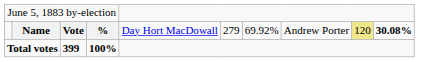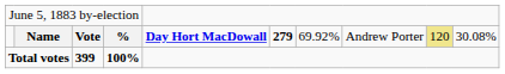 <table class="wikitable" align=left>
 <tr>
 <td colspan="4" align=center>June 5, 1883 by-election</td>
 </tr>
 <tr>
 <td></td>
 <th>Name</th>
 <th>Vote</th>
 <th>%<br></th>
-<td><a href='#'>Day Hort MacDowall</a></td>
-<td>279</td>
+<td><strong><a href='#'>Day Hort MacDowall</a></strong></td>
+<td><strong>279</strong></td>
 <td>69.92%<br></td>
 <td>Andrew Porter</td>
 <td style="background: khaki;">120</td>
-<td><strong>30.08%</strong></td>
+<td>30.08%</td>
 </tr>
 <tr>
 <td colspan=2 align=center><strong>Total votes</strong></td>
 <td><strong>399</strong></td>
 <td><strong>100%</strong></td>
 </tr>
 </table>
